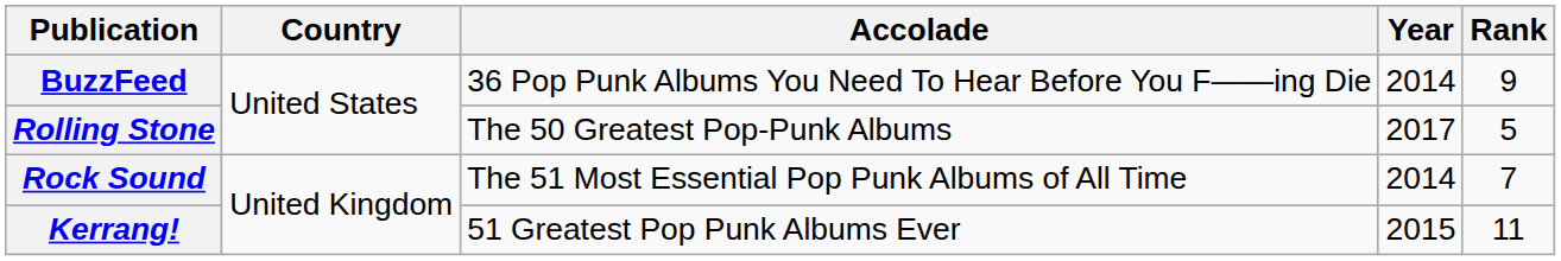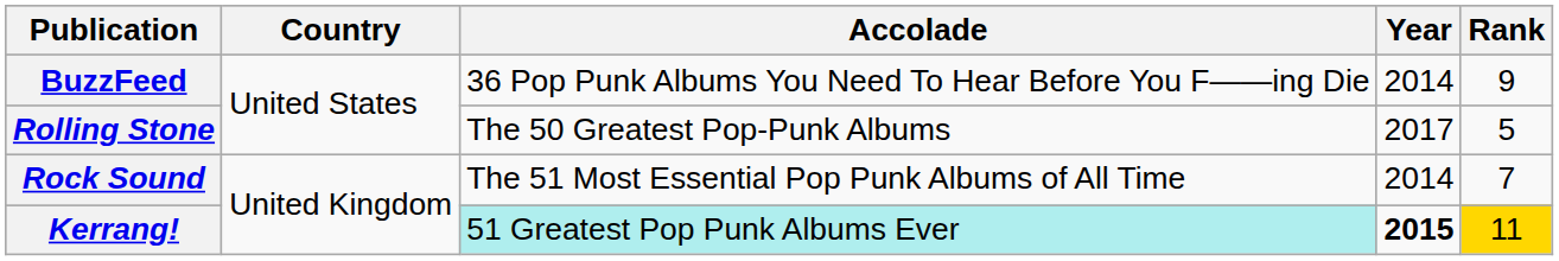 <table class="wikitable plainrowheaders">
 <tr>
 <th>Publication</th>
 <th>Country</th>
 <th>Accolade</th>
 <th>Year</th>
 <th>Rank</th>
 </tr>
 <tr>
 <th scope="row"><a href='#'>BuzzFeed</a></th>
 <td rowspan="2">United States</td>
 <td>36 Pop Punk Albums You Need To Hear Before You F——ing Die</td>
 <td>2014</td>
 <td style="text-align:center;">9</td>
 </tr>
 <tr>
 <th scope="row"><em><a href='#'>Rolling Stone</a></em></th>
 <td>The 50 Greatest Pop-Punk Albums</td>
 <td>2017</td>
 <td style="text-align:center;">5</td>
 </tr>
 <tr>
 <th scope="row"><em><a href='#'>Rock Sound</a></em></th>
 <td rowspan="2">United Kingdom</td>
 <td>The 51 Most Essential Pop Punk Albums of All Time</td>
 <td>2014</td>
 <td style="text-align:center;">7</td>
 </tr>
 <tr>
 <th scope="row"><em><a href='#'>Kerrang!</a></em></th>
-<td>51 Greatest Pop Punk Albums Ever</td>
-<td>2015</td>
-<td style="text-align:center;">11</td>
+<td style="background: paleturquoise;">51 Greatest Pop Punk Albums Ever</td>
+<td><strong>2015</strong></td>
+<td style="background: gold; text-align:center;">11</td>
 </tr>
 </table>
